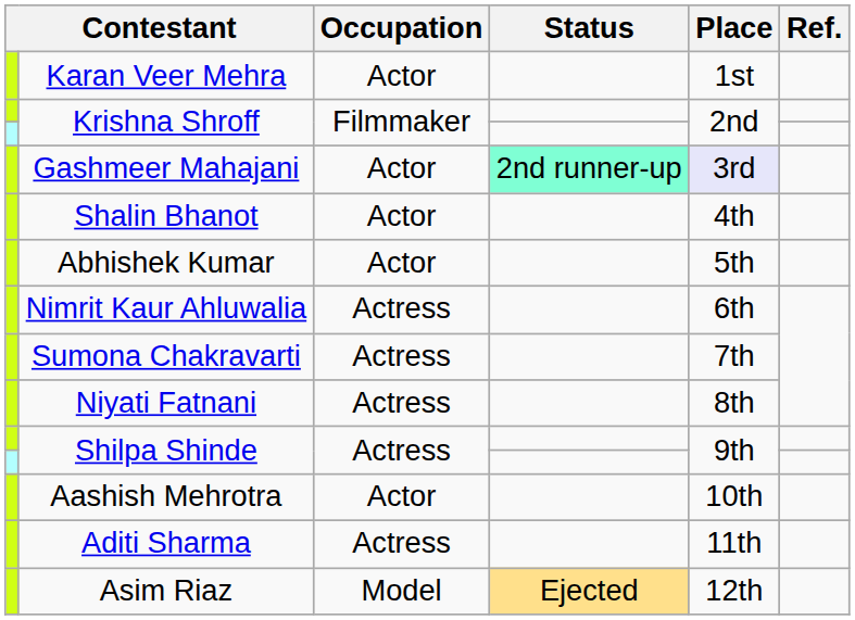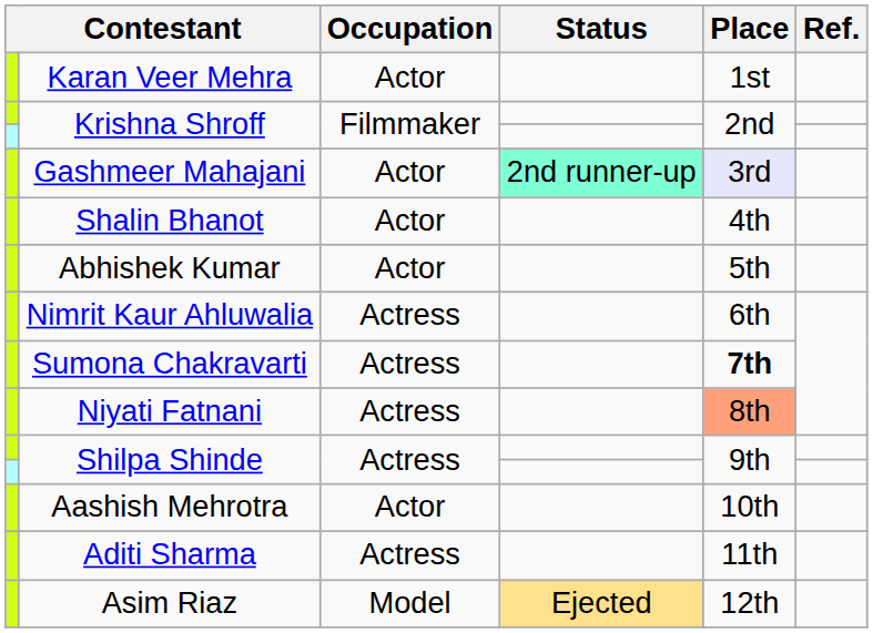 <table class="wikitable sortable" style="text-align:center;">
 <tr>
 <th colspan="2">Contestant</th>
 <th>Occupation</th>
 <th>Status</th>
 <th>Place</th>
 <th>Ref.</th>
 </tr>
 <tr>
 <th style="background:#D0FF14;"></th>
 <td><a href='#'>Karan Veer Mehra</a></td>
 <td>Actor</td>
 <td></td>
 <td>1st</td>
 <td></td>
 </tr>
 <tr>
 <th style="background:#D0FF14;"></th>
 <td rowspan="2"><a href='#'>Krishna Shroff</a></td>
 <td rowspan="2">Filmmaker</td>
 <td></td>
 <td rowspan="2">2nd</td>
 <td></td>
 </tr>
 <tr>
 <th style="background:#B2FFFF;"></th>
 <td></td>
 <td></td>
 </tr>
 <tr>
 <th style="background:#D0FF14;"></th>
 <td><a href='#'>Gashmeer Mahajani</a></td>
 <td>Actor</td>
 <td style="background:#7FFFD4;">2nd runner-up</td>
 <td style="background: lavender;">3rd</td>
 <td></td>
 </tr>
 <tr>
 <th style="background:#D0FF14;"></th>
 <td><a href='#'>Shalin Bhanot</a></td>
 <td>Actor</td>
 <td></td>
 <td>4th</td>
 <td></td>
 </tr>
 <tr>
 <th style="background:#D0FF14;"></th>
 <td>Abhishek Kumar</td>
 <td>Actor</td>
 <td></td>
 <td>5th</td>
 <td></td>
 </tr>
 <tr>
 <th style="background:#D0FF14;"></th>
 <td><a href='#'>Nimrit Kaur Ahluwalia</a></td>
 <td>Actress</td>
 <td></td>
 <td>6th</td>
 <td rowspan ="3"></td>
 </tr>
 <tr>
 <th style="background:#D0FF14;"></th>
 <td><a href='#'>Sumona Chakravarti</a></td>
 <td>Actress</td>
 <td></td>
-<td>7th</td>
+<td><strong>7th</strong></td>
 </tr>
 <tr>
 <th style="background:#D0FF14;"></th>
 <td><a href='#'>Niyati Fatnani</a></td>
 <td>Actress</td>
 <td></td>
-<td>8th</td>
+<td style="background: lightsalmon;">8th</td>
 </tr>
 <tr>
 <th style="background:#D0FF14;"></th>
 <td rowspan="2"><a href='#'>Shilpa Shinde</a></td>
 <td rowspan="2">Actress</td>
 <td></td>
 <td rowspan="2">9th</td>
 <td></td>
 </tr>
 <tr>
 <th style="background:#B2FFFF;"></th>
 <td></td>
 <td></td>
 </tr>
 <tr>
 <th style="background:#D0FF14;"></th>
 <td>Aashish Mehrotra</td>
 <td>Actor</td>
 <td></td>
 <td>10th</td>
 <td></td>
 </tr>
 <tr>
 <th style="background:#D0FF14;"></th>
 <td><a href='#'>Aditi Sharma</a></td>
 <td>Actress</td>
 <td></td>
 <td>11th</td>
 <td></td>
 </tr>
 <tr>
 <th style="background:#D0FF14;"></th>
 <td>Asim Riaz</td>
 <td>Model</td>
 <td bgcolor="#FFE08B">Ejected</td>
 <td>12th</td>
 <td></td>
 </tr>
 </table>
